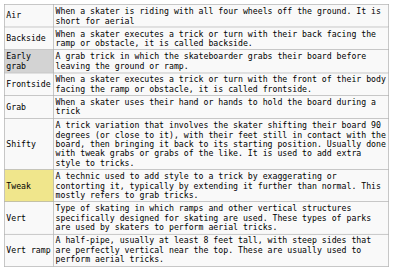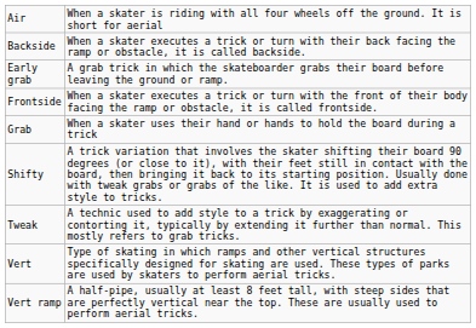 <table class="wikitable">
 <tr>
 <td>Air</td>
 <td>When a skater is riding with all four wheels off the ground. It is short for aerial</td>
 </tr>
 <tr>
 <td>Backside</td>
 <td>When a skater executes a trick or turn with their back facing the ramp or obstacle, it is called backside.</td>
 </tr>
 <tr>
-<td style="background: lightgrey;">Early grab</td>
+<td>Early grab</td>
 <td>A grab trick in which the skateboarder grabs their board before leaving the ground or ramp.</td>
 </tr>
 <tr>
 <td>Frontside</td>
 <td>When a skater executes a trick or turn with the front of their body facing the ramp or obstacle, it is called frontside.</td>
 </tr>
 <tr>
 <td>Grab</td>
 <td>When a skater uses their hand or hands to hold the board during a trick</td>
 </tr>
 <tr>
 <td>Shifty</td>
 <td>A trick variation that involves the skater shifting their board 90 degrees (or close to it), with their feet still in contact with the board, then bringing it back to its starting position. Usually done with tweak grabs or grabs of the like. It is used to add extra style to tricks.</td>
 </tr>
 <tr>
-<td style="background: khaki;">Tweak</td>
+<td>Tweak</td>
 <td>A technic used to add style to a trick by exaggerating or contorting it, typically by extending it further than normal. This mostly refers to grab tricks.</td>
 </tr>
 <tr>
 <td>Vert</td>
 <td>Type of skating in which ramps and other vertical structures specifically designed for skating are used. These types of parks are used by skaters to perform aerial tricks.</td>
 </tr>
 <tr>
 <td>Vert ramp</td>
 <td>A half-pipe, usually at least 8 feet tall, with steep sides that are perfectly vertical near the top. These are usually used to perform aerial tricks.</td>
 </tr>
 </table>
